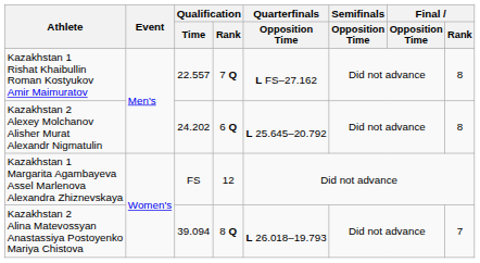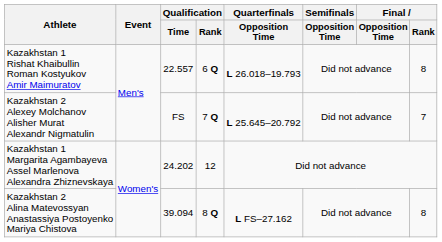 <table class=wikitable style="font-size:90%; text-align:center;">
 <tr>
 <th rowspan="2">Athlete</th>
 <th rowspan="2">Event</th>
 <th colspan=2>Qualification</th>
 <th>Quarterfinals</th>
 <th>Semifinals</th>
 <th colspan=2>Final / </th>
 </tr>
 <tr style="font-size:95%">
 <th>Time</th>
 <th>Rank</th>
 <th>Opposition<br>Time</th>
 <th>Opposition<br>Time</th>
 <th>Opposition<br>Time</th>
 <th>Rank</th>
 </tr>
 <tr>
 <td align=left>Kazakhstan 1<br>Rishat Khaibullin<br>Roman Kostyukov<br><a href='#'>Amir Maimuratov</a></td>
 <td align=left rowspan=2><a href='#'>Men's</a></td>
 <td>22.557</td>
-<td>7 <strong>Q</strong></td>
-<td><br><strong>L</strong> FS–27.162</td>
+<td>6 <strong>Q</strong></td>
+<td><br><strong>L</strong> 26.018–19.793</td>
 <td colspan=2>Did not advance</td>
 <td>8</td>
 </tr>
 <tr>
 <td align=left>Kazakhstan 2<br>Alexey Molchanov<br>Alisher Murat<br>Alexandr Nigmatulin</td>
-<td>24.202</td>
-<td>6 <strong>Q</strong></td>
+<td>FS</td>
+<td>7 <strong>Q</strong></td>
 <td><br><strong>L</strong> 25.645–20.792</td>
 <td colspan=2>Did not advance</td>
-<td>8</td>
+<td>7</td>
 </tr>
 <tr>
 <td align=left>Kazakhstan 1<br>Margarita Agambayeva<br>Assel Marlenova<br>Alexandra Zhiznevskaya</td>
 <td align=left rowspan=2><a href='#'>Women's</a></td>
-<td>FS</td>
+<td>24.202</td>
 <td>12</td>
 <td colspan=4>Did not advance</td>
 </tr>
 <tr>
 <td align=left>Kazakhstan 2<br>Alina Matevossyan<br>Anastassiya Postoyenko<br>Mariya Chistova</td>
 <td>39.094</td>
 <td>8 <strong>Q</strong></td>
-<td><br><strong>L</strong> 26.018–19.793</td>
+<td><br><strong>L</strong> FS–27.162</td>
 <td colspan=2>Did not advance</td>
-<td>7</td>
+<td>8</td>
 </tr>
 </table>
